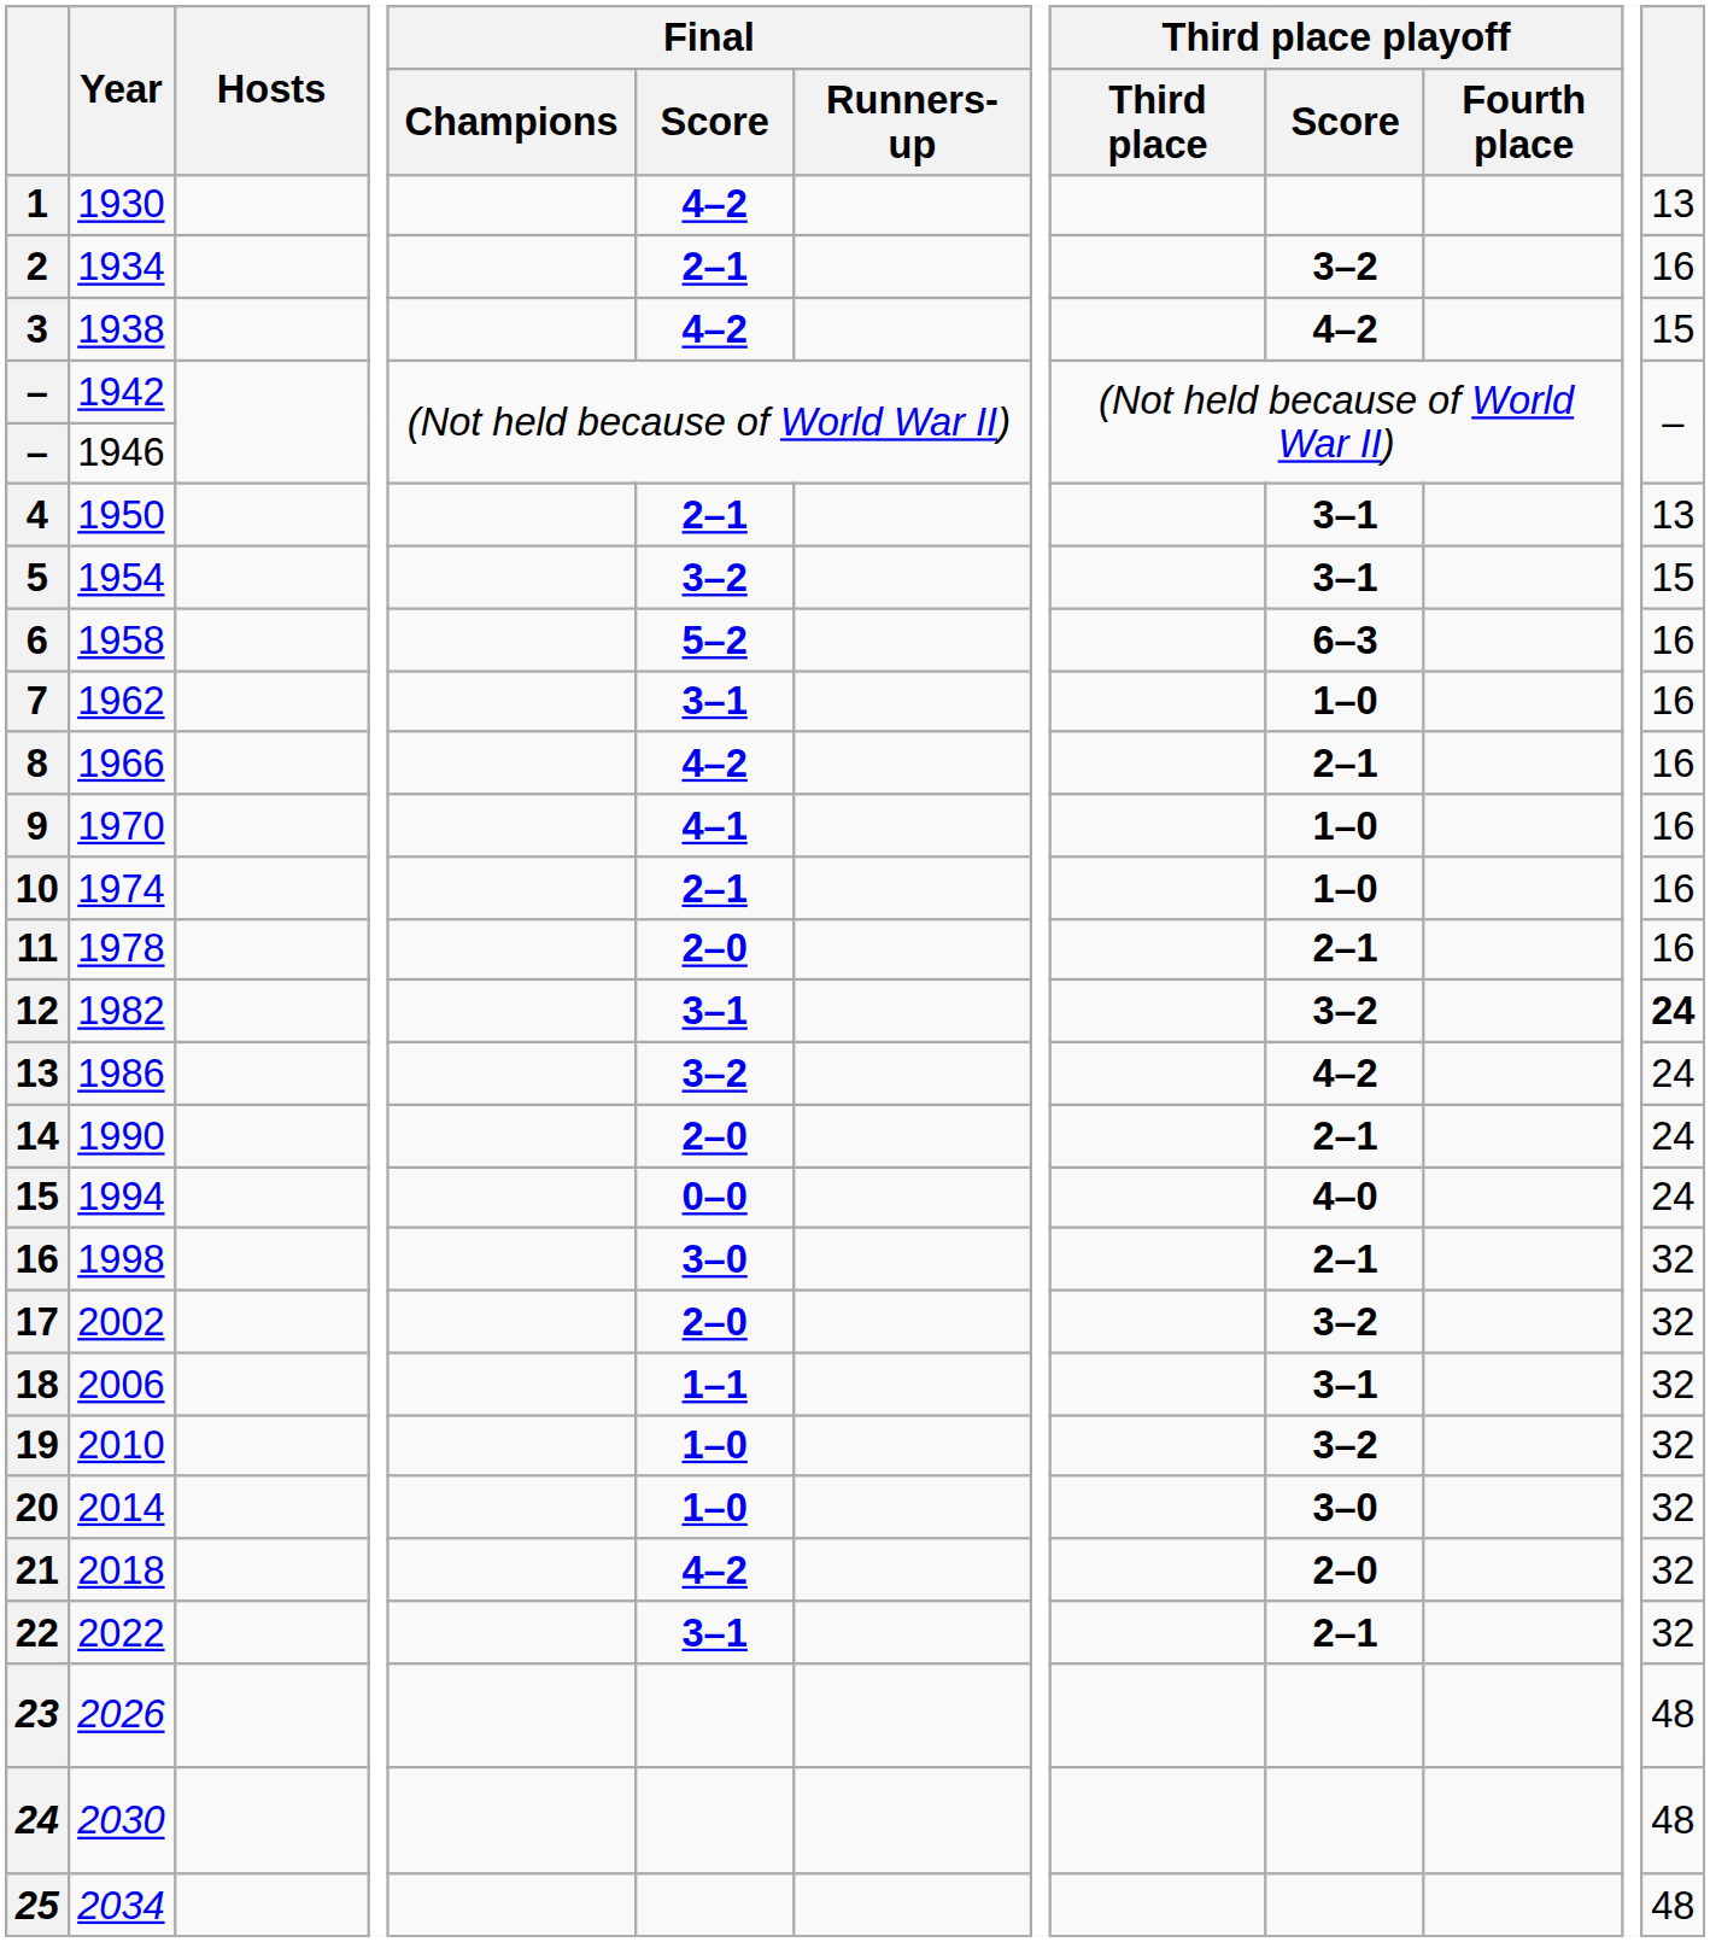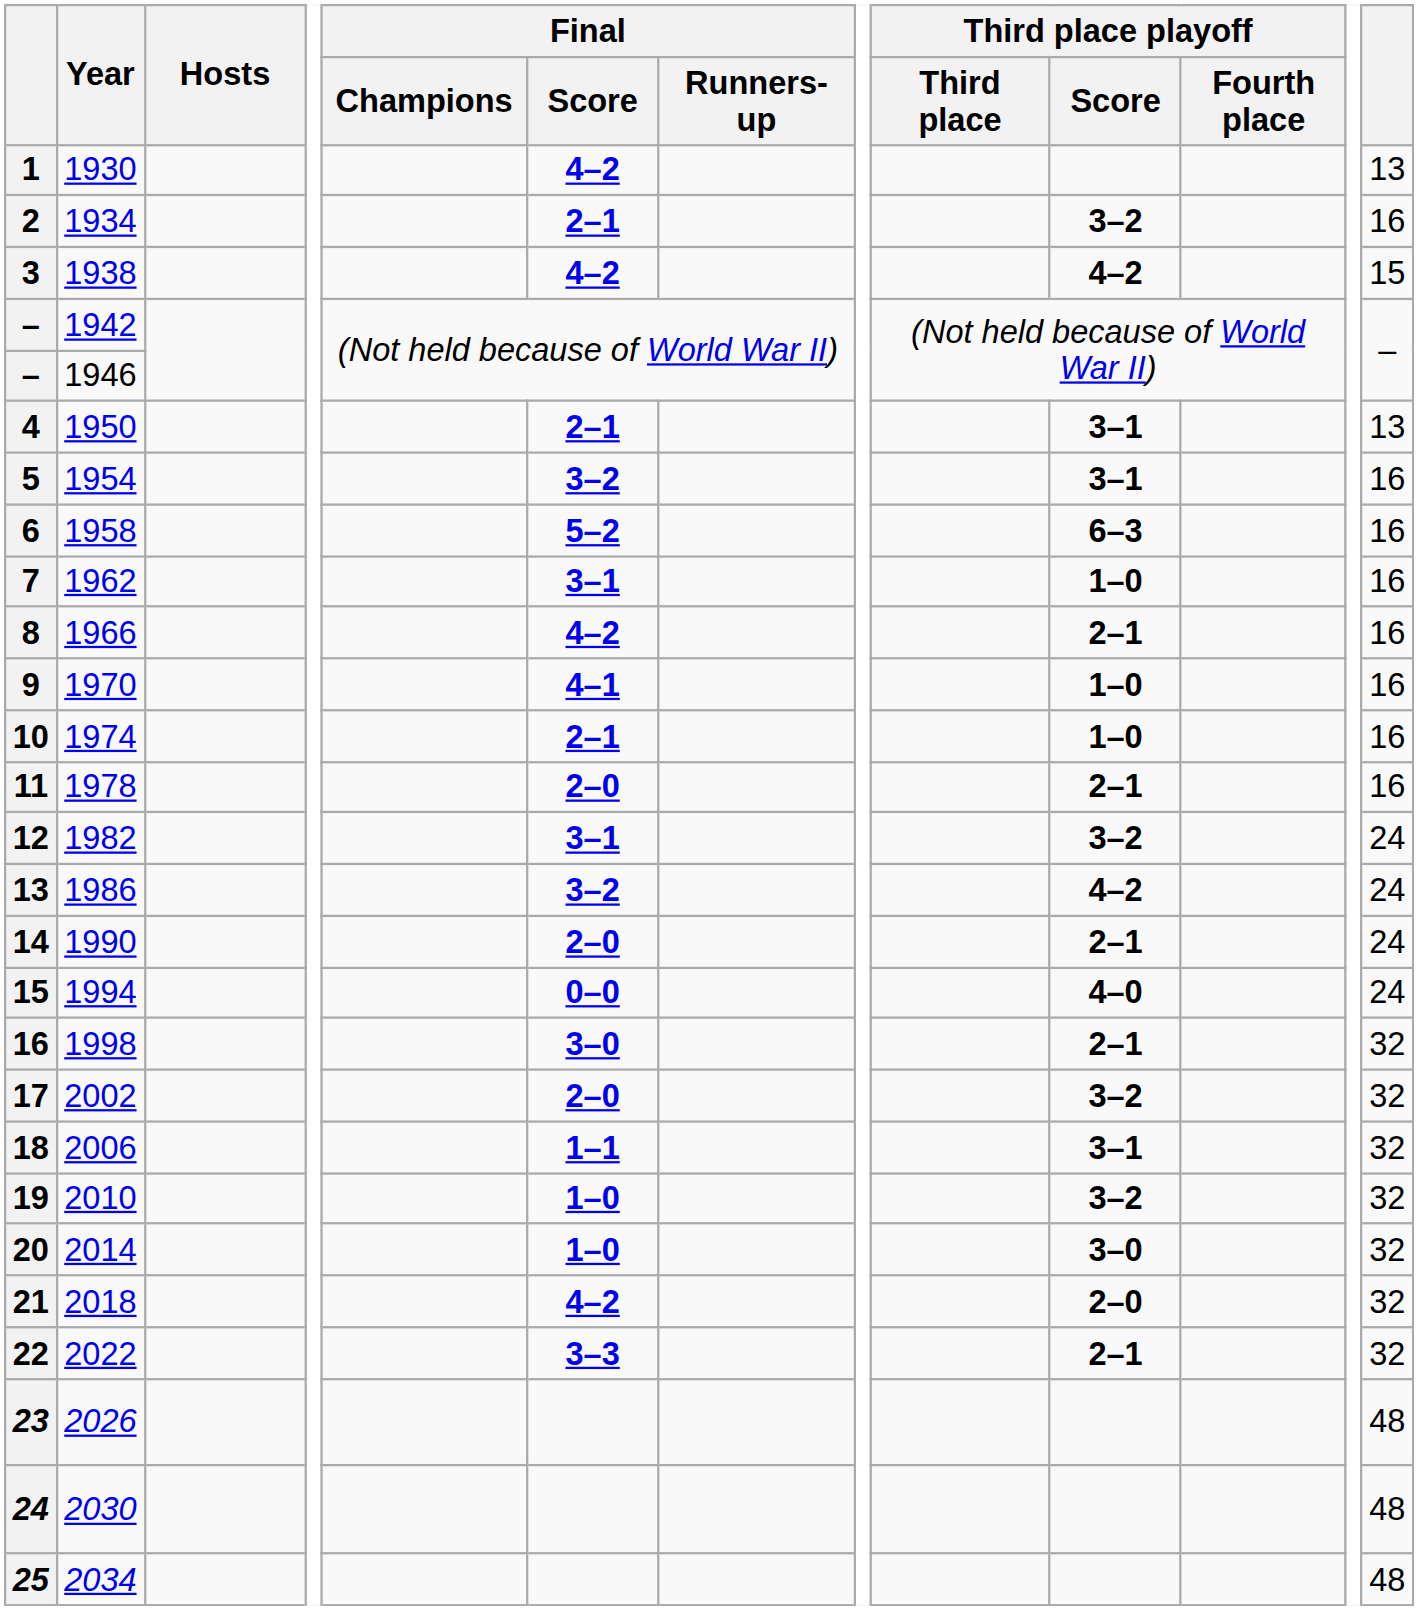 <table class="wikitable sortable" style="font-size:90%; text-align:center; width:100%;">
 <tr>
 <th rowspan="2" style="width:2%;"></th>
 <th rowspan="2" style="width:5%;">Year</th>
 <th rowspan="2" style="width:13%;">Hosts</th>
 <td width="1%" rowspan=30 style="background-color:#ffffff;border-top-style:hidden; border-bottom-style:hidden;"></td>
 <th colspan=3>Final</th>
 <td width="1%" rowspan=30 style="background-color:#ffffff;border-top-style:hidden; border-bottom-style:hidden;"></td>
 <th colspan=3>Third place playoff</th>
 <td width="1%" rowspan=30 style="background-color:#ffffff;border-top-style:hidden; border-bottom-style:hidden;"></td>
 <th rowspan=2></th>
 </tr>
 <tr>
 <th style="width:15%;">Champions</th>
 <th style="width:10%;">Score</th>
 <th style="width:15%;">Runners-up</th>
 <th style="width:15%;">Third place</th>
 <th style="width:10%;">Score</th>
 <th style="width:15%;">Fourth place</th>
 </tr>
 <tr>
 <th>1</th>
 <td><a href='#'>1930</a></td>
 <td align=left></td>
 <td><strong></strong></td>
 <td><strong><a href='#'>4–2</a></strong></td>
 <td></td>
 <td></td>
 <td></td>
 <td></td>
 <td>13</td>
 </tr>
 <tr>
 <th>2</th>
 <td><a href='#'>1934</a></td>
 <td align=left></td>
 <td><strong></strong></td>
 <td><strong><a href='#'>2–1</a></strong> </td>
 <td></td>
 <td></td>
 <td><strong>3–2</strong></td>
 <td></td>
 <td>16</td>
 </tr>
 <tr>
 <th>3</th>
 <td><a href='#'>1938</a></td>
 <td align=left></td>
 <td><strong></strong></td>
 <td><strong><a href='#'>4–2</a></strong></td>
 <td></td>
 <td></td>
 <td><strong>4–2</strong></td>
 <td></td>
 <td>15</td>
 </tr>
 <tr align=center>
 <th>–</th>
 <td><a href='#'>1942</a></td>
 <td rowspan="2"></td>
 <td colspan="3" rowspan="2"><em>(Not held because of <a href='#'>World War II</a>)</em></td>
 <td colspan="3" rowspan="2"><em>(Not held because of <a href='#'>World War II</a>)</em></td>
 <td rowspan=2>–</td>
 </tr>
 <tr align=center>
 <th>–</th>
 <td>1946</td>
 </tr>
 <tr>
 <th>4</th>
 <td><a href='#'>1950</a></td>
 <td align=left></td>
 <td><strong></strong></td>
 <td><strong><a href='#'>2–1</a></strong></td>
 <td></td>
 <td></td>
 <td><strong>3–1</strong></td>
 <td></td>
 <td>13</td>
 </tr>
 <tr>
 <th>5</th>
 <td><a href='#'>1954</a></td>
 <td align=left></td>
 <td><strong></strong></td>
 <td><strong><a href='#'>3–2</a></strong></td>
 <td></td>
 <td></td>
 <td><strong>3–1</strong></td>
 <td></td>
-<td>15</td>
+<td>16</td>
 </tr>
 <tr>
 <th>6</th>
 <td><a href='#'>1958</a></td>
 <td align=left></td>
 <td><strong></strong></td>
 <td><strong><a href='#'>5–2</a></strong></td>
 <td></td>
 <td></td>
 <td><strong>6–3</strong></td>
 <td></td>
 <td>16</td>
 </tr>
 <tr>
 <th>7</th>
 <td><a href='#'>1962</a></td>
 <td align=left></td>
 <td><strong></strong></td>
 <td><strong><a href='#'>3–1</a></strong></td>
 <td></td>
 <td></td>
 <td><strong>1–0</strong></td>
 <td></td>
 <td>16</td>
 </tr>
 <tr>
 <th>8</th>
 <td><a href='#'>1966</a></td>
 <td align=left></td>
 <td><strong></strong></td>
 <td><strong><a href='#'>4–2</a></strong> </td>
 <td></td>
 <td></td>
 <td><strong>2–1</strong></td>
 <td></td>
 <td>16</td>
 </tr>
 <tr>
 <th>9</th>
 <td><a href='#'>1970</a></td>
 <td align=left></td>
 <td><strong></strong></td>
 <td><strong><a href='#'>4–1</a></strong></td>
 <td></td>
 <td></td>
 <td><strong>1–0</strong></td>
 <td></td>
 <td>16</td>
 </tr>
 <tr>
 <th>10</th>
 <td><a href='#'>1974</a></td>
 <td align=left></td>
 <td><strong></strong></td>
 <td><strong><a href='#'>2–1</a></strong></td>
 <td></td>
 <td></td>
 <td><strong>1–0</strong></td>
 <td></td>
 <td>16</td>
 </tr>
 <tr>
 <th>11</th>
 <td><a href='#'>1978</a></td>
 <td align=left></td>
 <td><strong></strong></td>
 <td><strong><a href='#'>2–0</a></strong></td>
 <td></td>
 <td></td>
 <td><strong>2–1</strong></td>
 <td></td>
 <td>16</td>
 </tr>
 <tr>
 <th>12</th>
 <td><a href='#'>1982</a></td>
 <td align=left></td>
 <td><strong></strong></td>
 <td><strong><a href='#'>3–1</a></strong></td>
 <td></td>
 <td></td>
 <td><strong>3–2</strong></td>
 <td></td>
-<td><strong>24</strong></td>
+<td>24</td>
 </tr>
 <tr>
 <th>13</th>
 <td><a href='#'>1986</a></td>
 <td align=left></td>
 <td><strong></strong></td>
 <td><strong><a href='#'>3–2</a></strong></td>
 <td></td>
 <td></td>
 <td><strong>4–2</strong> </td>
 <td></td>
 <td>24</td>
 </tr>
 <tr>
 <th>14</th>
 <td><a href='#'>1990</a></td>
 <td align=left></td>
 <td><strong></strong></td>
 <td><strong><a href='#'>2–0</a></strong></td>
 <td></td>
 <td></td>
 <td><strong>2–1</strong></td>
 <td></td>
 <td>24</td>
 </tr>
 <tr>
 <th>15</th>
 <td><a href='#'>1994</a></td>
 <td align=left></td>
 <td><strong></strong></td>
 <td><strong><a href='#'>0–0</a></strong> <br></td>
 <td></td>
 <td></td>
 <td><strong>4–0</strong></td>
 <td></td>
 <td>24</td>
 </tr>
 <tr>
 <th>16</th>
 <td><a href='#'>1998</a></td>
 <td align=left></td>
 <td><strong></strong></td>
 <td><strong><a href='#'>3–0</a></strong></td>
 <td></td>
 <td></td>
 <td><strong>2–1</strong></td>
 <td></td>
 <td>32</td>
 </tr>
 <tr>
 <th>17</th>
 <td><a href='#'>2002</a></td>
 <td align=left><br></td>
 <td><strong></strong></td>
 <td><strong><a href='#'>2–0</a></strong></td>
 <td></td>
 <td></td>
 <td><strong>3–2</strong></td>
 <td></td>
 <td>32</td>
 </tr>
 <tr>
 <th>18</th>
 <td><a href='#'>2006</a></td>
 <td align=left></td>
 <td><strong></strong></td>
 <td><strong><a href='#'>1–1</a></strong> <br></td>
 <td></td>
 <td></td>
 <td><strong>3–1</strong></td>
 <td></td>
 <td>32</td>
 </tr>
 <tr>
 <th>19</th>
 <td><a href='#'>2010</a></td>
 <td align=left></td>
 <td><strong></strong></td>
 <td><strong><a href='#'>1–0</a></strong> </td>
 <td></td>
 <td></td>
 <td><strong>3–2</strong></td>
 <td></td>
 <td>32</td>
 </tr>
 <tr>
 <th>20</th>
 <td><a href='#'>2014</a></td>
 <td align=left></td>
 <td><strong></strong></td>
 <td><strong><a href='#'>1–0</a></strong> </td>
 <td></td>
 <td></td>
 <td><strong>3–0</strong></td>
 <td></td>
 <td>32</td>
 </tr>
 <tr>
 <th>21</th>
 <td><a href='#'>2018</a></td>
 <td align=left></td>
 <td><strong></strong></td>
 <td><strong><a href='#'>4–2</a></strong></td>
 <td></td>
 <td></td>
 <td><strong>2–0</strong></td>
 <td></td>
 <td>32</td>
 </tr>
 <tr>
 <th>22</th>
 <td><a href='#'>2022</a></td>
 <td align=left></td>
 <td><strong></strong></td>
-<td><strong><a href='#'>3–1</a></strong></td>
+<td><strong><a href='#'>3–3</a></strong> <br></td>
 <td></td>
 <td></td>
 <td><strong>2–1</strong></td>
 <td></td>
 <td>32</td>
 </tr>
 <tr>
 <th><em>23</em></th>
 <td><em><a href='#'>2026</a></em></td>
 <td align=left><em></em><br><em></em><br><em></em></td>
 <td></td>
 <td></td>
 <td></td>
 <td></td>
 <td></td>
 <td></td>
 <td>48</td>
 </tr>
 <tr>
 <th><em>24</em></th>
 <td><em><a href='#'>2030</a></em></td>
 <td align=left><em></em><br><em></em><br><em></em></td>
 <td></td>
 <td></td>
 <td></td>
 <td></td>
 <td></td>
 <td></td>
 <td>48</td>
 </tr>
 <tr>
 <th><em>25</em></th>
 <td><em><a href='#'>2034</a></em></td>
 <td align=left><em></em></td>
 <td></td>
 <td></td>
 <td></td>
 <td></td>
 <td></td>
 <td></td>
 <td>48</td>
 </tr>
 </table>
